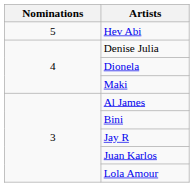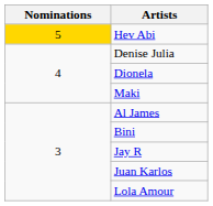 <table class="wikitable"  style="width:30%;">
 <tr>
 <th scope="col">Nominations</th>
 <th scope="col">Artists</th>
 </tr>
 <tr>
-<td align="center">5</td>
+<td align="center" style="background: gold;">5</td>
 <td><a href='#'>Hev Abi</a></td>
 </tr>
 <tr>
 <td rowspan="3" align="center">4</td>
 <td>Denise Julia</td>
 </tr>
 <tr>
 <td><a href='#'>Dionela</a></td>
 </tr>
 <tr>
 <td><a href='#'>Maki</a></td>
 </tr>
 <tr>
 <td rowspan="5" align="center">3</td>
 <td><a href='#'>Al James</a></td>
 </tr>
 <tr>
 <td><a href='#'>Bini</a></td>
 </tr>
 <tr>
 <td><a href='#'>Jay R</a></td>
 </tr>
 <tr>
 <td><a href='#'>Juan Karlos</a></td>
 </tr>
 <tr>
 <td><a href='#'>Lola Amour</a></td>
 </tr>
 </table>
